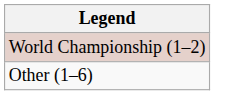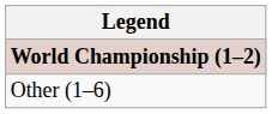 <table class="wikitable">
 <tr>
 <th>Legend</th>
 </tr>
 <tr bgcolor="#e5d1cb">
-<td>World Championship (1–2)</td>
+<td><strong>World Championship (1–2)</strong></td>
 </tr>
 <tr bgcolor=>
 <td>Other (1–6)</td>
 </tr>
 </table>
